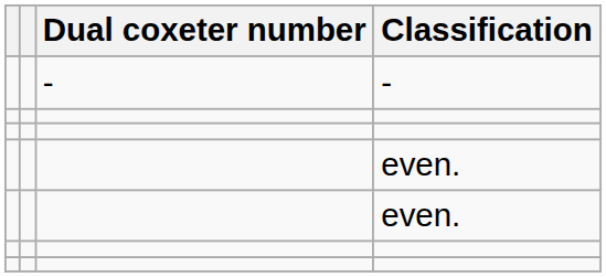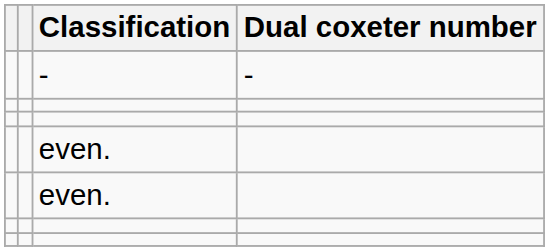 <table class="wikitable">
 <tr>
 <th></th>
 <th></th>
+<th>Classification</th>
 <th>Dual coxeter number</th>
-<th>Classification</th>
 </tr>
 <tr>
 <td></td>
 <td></td>
 <td>-</td>
 <td>-</td>
 </tr>
 <tr>
 <td></td>
 <td></td>
 <td></td>
 <td></td>
 </tr>
 <tr>
 <td></td>
 <td></td>
 <td></td>
 <td></td>
 </tr>
 <tr>
 <td></td>
 <td></td>
+<td> even.</td>
 <td></td>
-<td> even.</td>
 </tr>
 <tr>
 <td></td>
 <td></td>
+<td> even.</td>
 <td></td>
-<td> even.</td>
 </tr>
 <tr>
 <td></td>
 <td></td>
 <td></td>
 <td></td>
 </tr>
 <tr>
 <td></td>
 <td></td>
 <td></td>
 <td></td>
 </tr>
 </table>
